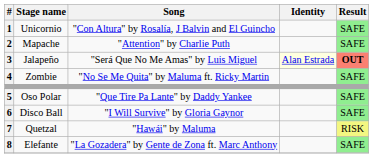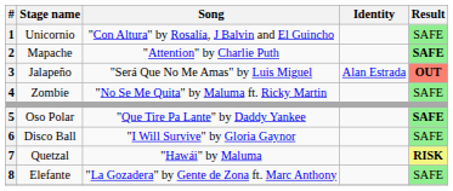 <table class="wikitable plainrowheaders" style="text-align: center;">
 <tr>
 <th>#</th>
 <th>Stage name</th>
 <th>Song</th>
 <th>Identity</th>
 <th>Result</th>
 </tr>
 <tr>
 <th>1</th>
 <td>Unicornio</td>
 <td>"<a href='#'>Con Altura</a>" by <a href='#'>Rosalía</a>, <a href='#'>J Balvin</a> and <a href='#'>El Guincho</a></td>
 <td></td>
 <td bgcolor=lightgreen>SAFE</td>
 </tr>
 <tr>
 <th>2</th>
 <td>Mapache</td>
 <td>"<a href='#'>Attention</a>" by <a href='#'>Charlie Puth</a></td>
 <td></td>
-<td bgcolor=lightgreen>SAFE</td>
+<td bgcolor=lightgreen><strong>SAFE</strong></td>
 </tr>
 <tr>
 <th>3</th>
 <td>Jalapeño</td>
 <td>"Será Que No Me Amas" by <a href='#'>Luis Miguel</a></td>
-<td style="background: lightyellow;"><a href='#'>Alan Estrada</a></td>
+<td><a href='#'>Alan Estrada</a></td>
 <td bgcolor=salmon><strong>OUT</strong></td>
 </tr>
 <tr>
 <th>4</th>
 <td>Zombie</td>
 <td>"<a href='#'>No Se Me Quita</a>" by <a href='#'>Maluma</a> ft. <a href='#'>Ricky Martin</a></td>
 <td></td>
 <td bgcolor=lightgreen>SAFE</td>
 </tr>
 <tr>
 <td colspan="5" style="background:darkgray"></td>
 </tr>
 <tr>
 <th>5</th>
 <td>Oso Polar</td>
 <td>"<a href='#'>Que Tire Pa Lante</a>" by <a href='#'>Daddy Yankee</a></td>
 <td></td>
-<td bgcolor=lightgreen>SAFE</td>
+<td bgcolor=lightgreen><strong>SAFE</strong></td>
 </tr>
 <tr>
 <th>6</th>
 <td>Disco Ball</td>
 <td>"<a href='#'>I Will Survive</a>" by <a href='#'>Gloria Gaynor</a></td>
 <td></td>
 <td bgcolor=lightgreen>SAFE</td>
 </tr>
 <tr>
 <th>7</th>
 <td>Quetzal</td>
 <td>"<a href='#'>Hawái</a>" by <a href='#'>Maluma</a></td>
 <td></td>
-<td bgcolor=#F3F781>RISK</td>
+<td bgcolor=#F3F781><strong>RISK</strong></td>
 </tr>
 <tr>
 <th>8</th>
 <td>Elefante</td>
 <td>"<a href='#'>La Gozadera</a>" by <a href='#'>Gente de Zona</a> ft. <a href='#'>Marc Anthony</a></td>
 <td></td>
 <td bgcolor=lightgreen>SAFE</td>
 </tr>
 <tr>
 </tr>
 </table>
